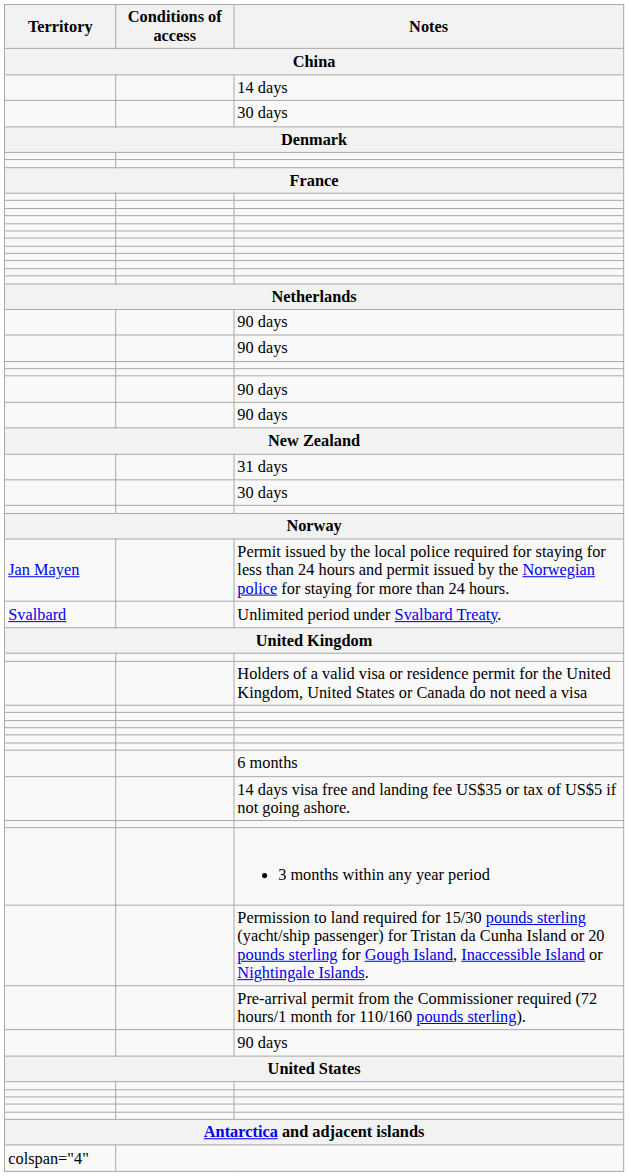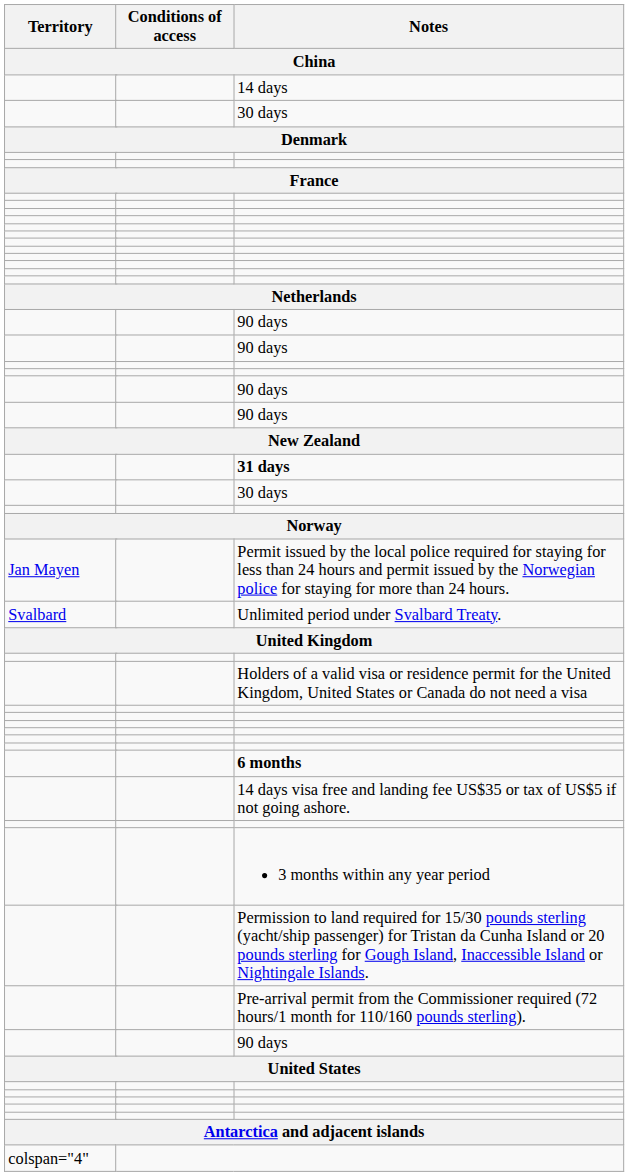 <table class="wikitable" style="text-align: left; table-layout: fixed;">
 <tr>
 <th colspan="2" style="width:18%;">Territory</th>
 <th style="width:19%;">Conditions of access</th>
 <th>Notes</th>
 </tr>
 <tr>
 <th colspan="4">China</th>
 </tr>
 <tr>
 <td colspan=2></td>
 <td></td>
 <td>14 days</td>
 </tr>
 <tr>
 <td colspan=2></td>
 <td></td>
 <td>30 days</td>
 </tr>
 <tr>
 <th colspan="4">Denmark</th>
 </tr>
 <tr>
 <td colspan=2></td>
 <td></td>
 <td></td>
 </tr>
 <tr>
 <td colspan=2></td>
 <td></td>
 <td></td>
 </tr>
 <tr>
 <th colspan="4">France</th>
 </tr>
 <tr>
 <td colspan=2></td>
 <td></td>
 <td></td>
 </tr>
 <tr>
 <td colspan=2></td>
 <td></td>
 <td></td>
 </tr>
 <tr>
 <td colspan=2></td>
 <td></td>
 <td></td>
 </tr>
 <tr>
 <td colspan=2></td>
 <td></td>
 <td></td>
 </tr>
 <tr>
 <td colspan=2></td>
 <td></td>
 <td></td>
 </tr>
 <tr>
 <td colspan=2></td>
 <td></td>
 <td></td>
 </tr>
 <tr>
 <td colspan=2></td>
 <td></td>
 <td></td>
 </tr>
 <tr>
 <td colspan=2></td>
 <td></td>
 <td></td>
 </tr>
 <tr>
 <td colspan=2></td>
 <td></td>
 <td></td>
 </tr>
 <tr>
 <td colspan=2></td>
 <td></td>
 <td></td>
 </tr>
 <tr>
 <td colspan=2></td>
 <td></td>
 <td></td>
 </tr>
 <tr>
 <td colspan=2></td>
 <td></td>
 <td></td>
 </tr>
 <tr>
 <th colspan="4">Netherlands</th>
 </tr>
 <tr>
 <td colspan=2></td>
 <td></td>
 <td>90 days</td>
 </tr>
 <tr>
 <td colspan=2></td>
 <td></td>
 <td>90 days</td>
 </tr>
 <tr>
 <td colspan=2></td>
 <td></td>
 <td></td>
 </tr>
 <tr>
 <td colspan=2></td>
 <td></td>
 <td></td>
 </tr>
 <tr>
 <td colspan=2></td>
 <td></td>
 <td>90 days</td>
 </tr>
 <tr>
 <td colspan=2></td>
 <td></td>
 <td>90 days</td>
 </tr>
 <tr>
 <th colspan="4">New Zealand</th>
 </tr>
 <tr>
 <td colspan=2></td>
 <td></td>
-<td>31 days</td>
+<td><strong>31 days</strong></td>
 </tr>
 <tr>
 <td colspan=2></td>
 <td></td>
 <td>30 days</td>
 </tr>
 <tr>
 <td colspan=2></td>
 <td></td>
 <td></td>
 </tr>
 <tr>
 <th colspan="4">Norway</th>
 </tr>
 <tr>
 <td colspan=2> <a href='#'>Jan Mayen</a></td>
 <td></td>
 <td>Permit issued by the local police required for staying for less than 24 hours and permit issued by the <a href='#'>Norwegian police</a> for staying for more than 24 hours.</td>
 </tr>
 <tr>
 <td colspan=2> <a href='#'>Svalbard</a></td>
 <td></td>
 <td>Unlimited period under <a href='#'>Svalbard Treaty</a>.</td>
 </tr>
 <tr>
 <th colspan="4">United Kingdom</th>
 </tr>
 <tr>
 <td colspan=2></td>
 <td></td>
 <td></td>
 </tr>
 <tr>
 <td colspan=2></td>
 <td></td>
 <td>Holders of a valid visa or residence permit for the United Kingdom, United States or Canada do not need a visa</td>
 </tr>
 <tr>
 <td colspan=2></td>
 <td></td>
 <td></td>
 </tr>
 <tr>
 <td colspan=2></td>
 <td></td>
 <td></td>
 </tr>
 <tr>
 <td colspan=2></td>
 <td></td>
 <td></td>
 </tr>
 <tr>
 <td colspan=2></td>
 <td></td>
 <td></td>
 </tr>
 <tr>
 <td colspan=2></td>
 <td></td>
 <td></td>
 </tr>
 <tr>
 <td colspan=2></td>
 <td></td>
 <td></td>
 </tr>
 <tr>
 <td colspan=2></td>
 <td></td>
-<td>6 months</td>
+<td><strong>6 months</strong></td>
 </tr>
 <tr>
 <td colspan=2></td>
 <td></td>
 <td>14 days visa free and landing fee US$35 or tax of US$5 if not going ashore.</td>
 </tr>
 <tr>
 <td colspan=2></td>
 <td></td>
 <td></td>
 </tr>
 <tr>
 <td colspan=2></td>
 <td></td>
 <td><br><ul><li>3 months within any year period</li></ul></td>
 </tr>
 <tr>
 <td colspan=2></td>
 <td></td>
 <td>Permission to land required for 15/30 <a href='#'>pounds sterling</a> (yacht/ship passenger) for Tristan da Cunha Island or 20 <a href='#'>pounds sterling</a> for <a href='#'>Gough Island</a>, <a href='#'>Inaccessible Island</a> or <a href='#'>Nightingale Islands</a>.</td>
 </tr>
 <tr>
 <td colspan=2></td>
 <td></td>
 <td>Pre-arrival permit from the Commissioner required (72 hours/1 month for 110/160 <a href='#'>pounds sterling</a>).</td>
 </tr>
 <tr>
 <td colspan=2></td>
 <td></td>
 <td>90 days</td>
 </tr>
 <tr>
 <th colspan="4">United States</th>
 </tr>
 <tr>
 <td colspan=2></td>
 <td></td>
 <td></td>
 </tr>
 <tr>
 <td colspan=2></td>
 <td></td>
 <td></td>
 </tr>
 <tr>
 <td colspan=2></td>
 <td></td>
 <td></td>
 </tr>
 <tr>
 <td colspan=2></td>
 <td></td>
 <td></td>
 </tr>
 <tr>
 <td colspan=2></td>
 <td></td>
 <td></td>
 </tr>
 <tr>
 <th colspan="4"><a href='#'>Antarctica</a> and adjacent islands</th>
 </tr>
 <tr>
 <td>colspan="4" </td>
 </tr>
 </table>
